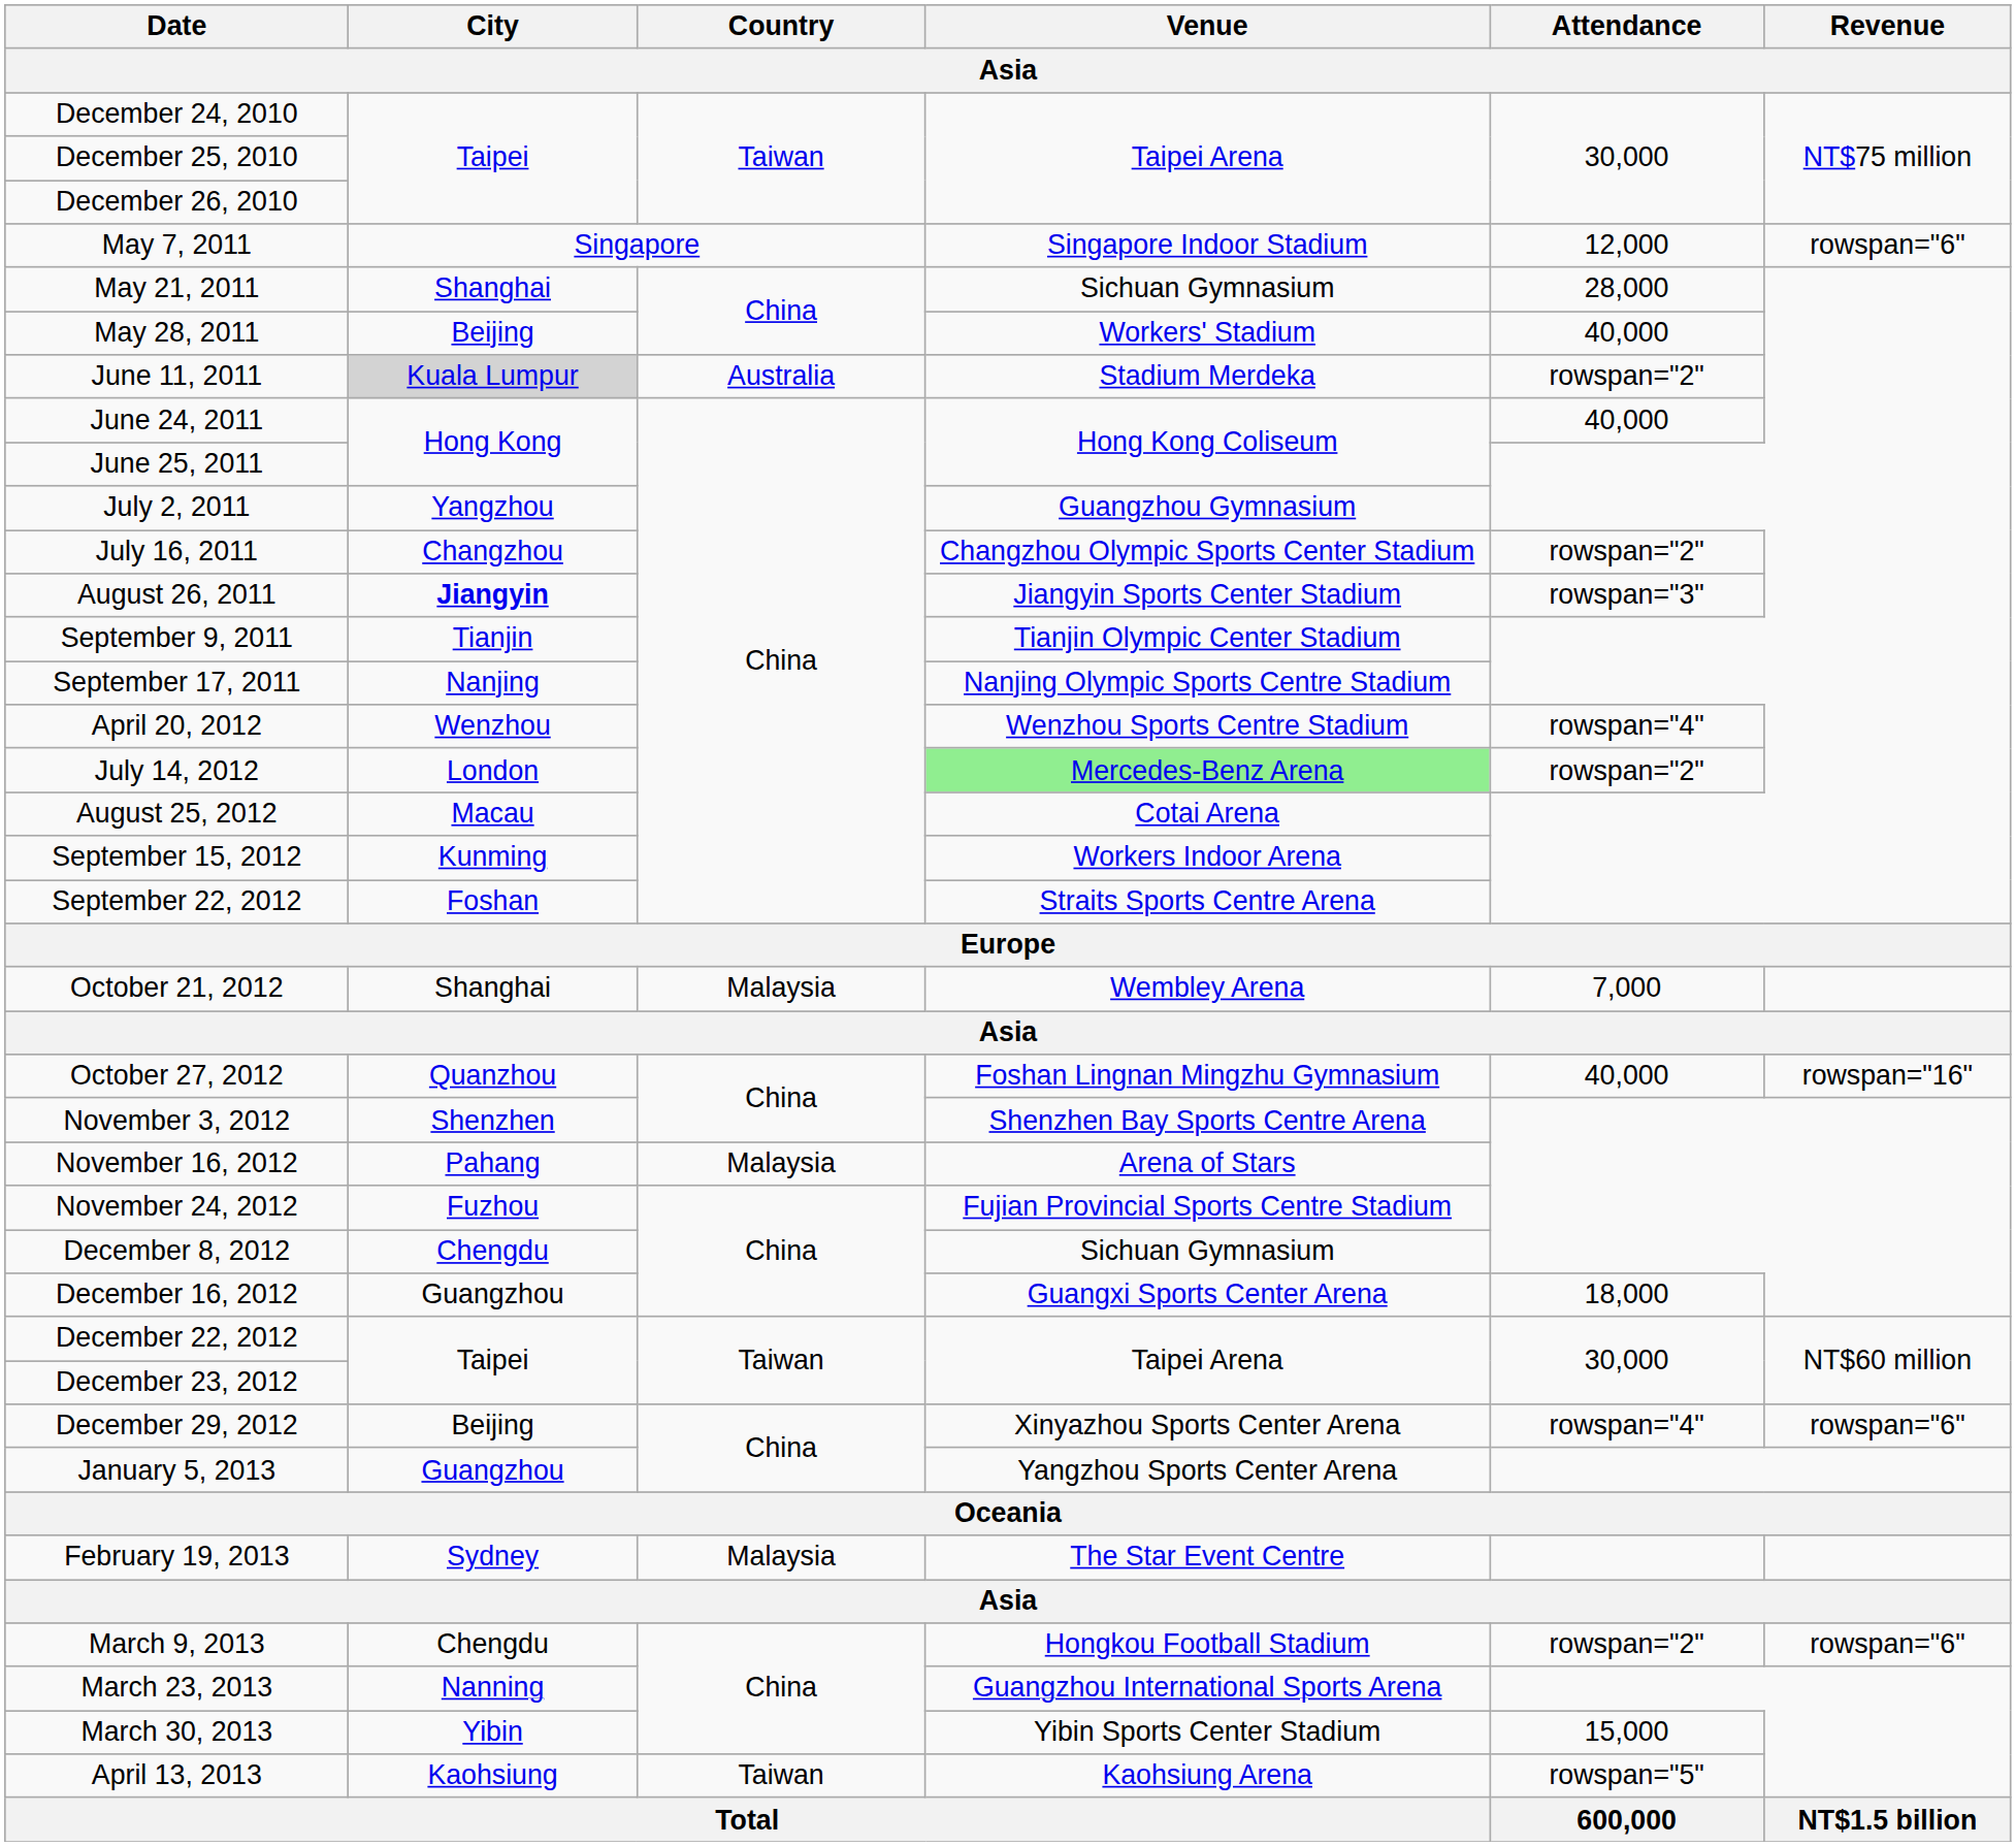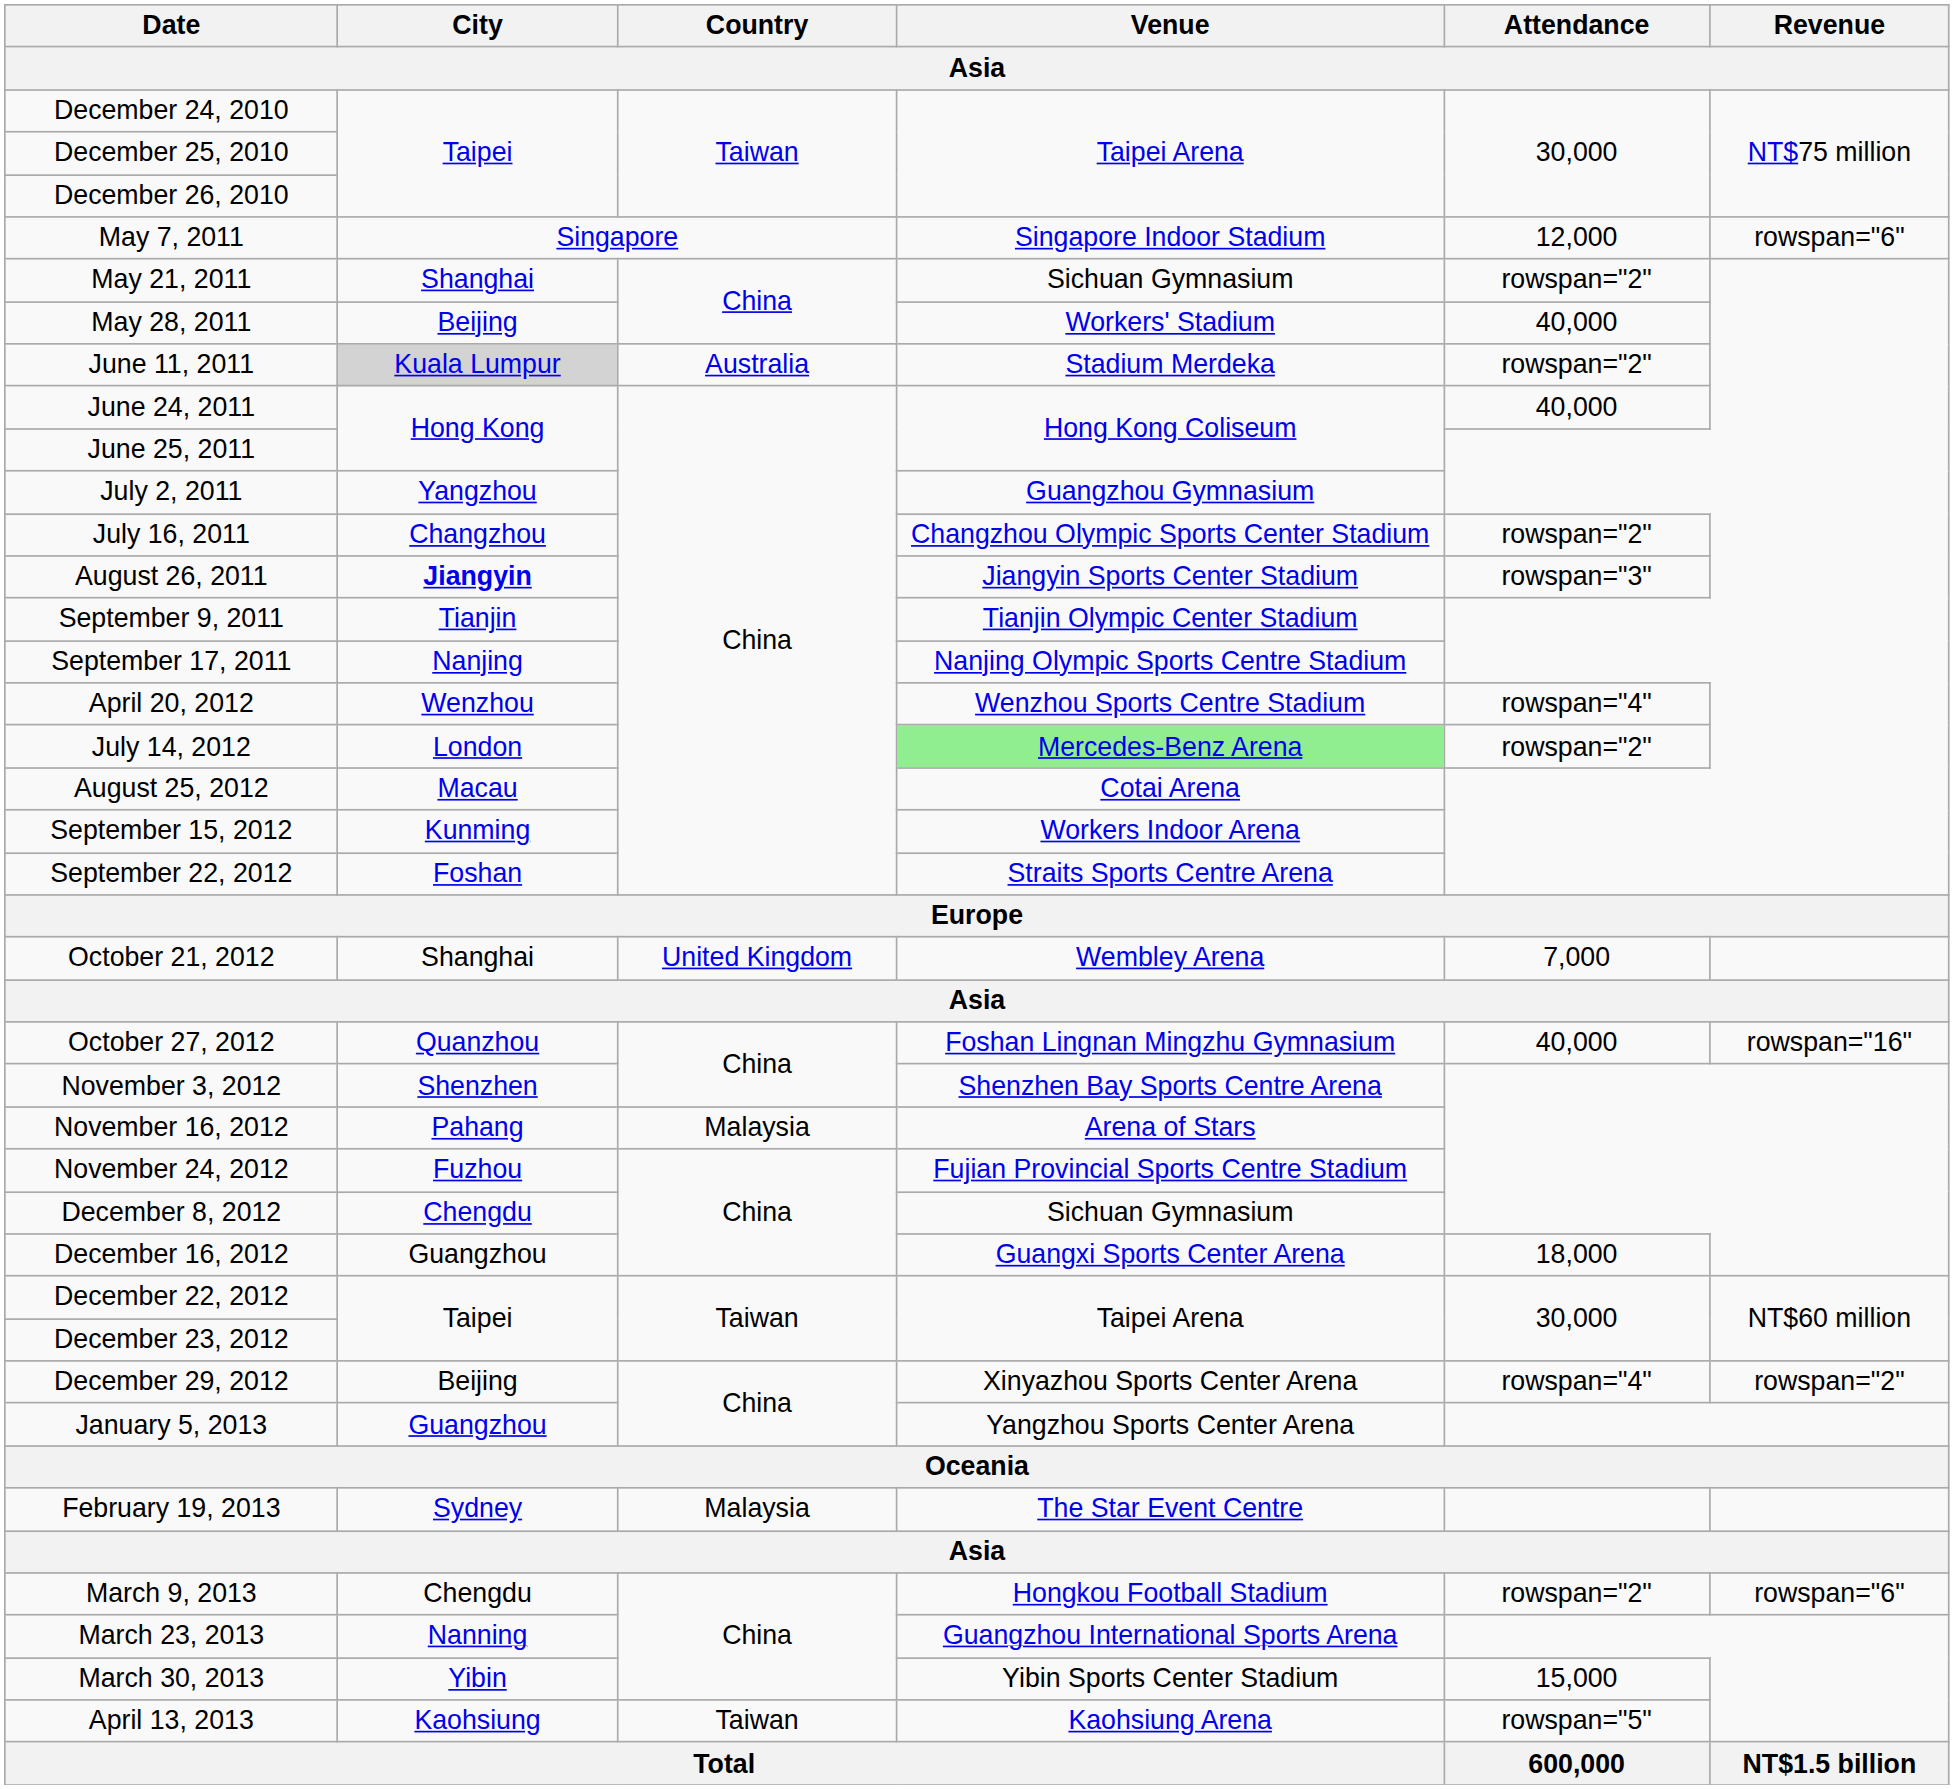 <table class="wikitable plainrowheaders" style="text-align:center;">
 <tr>
 <th scope="col" style="width:12em;">Date</th>
 <th scope="col" style="width:10em;">City</th>
 <th scope="col" style="width:10em;">Country</th>
 <th scope="col" style="width:20em;">Venue</th>
 <th scope="col" style="width:9.5em;">Attendance</th>
 <th scope="col" style="width:8.5em;">Revenue</th>
 </tr>
 <tr>
 <th colspan="6">Asia</th>
 </tr>
 <tr>
 <td>December 24, 2010</td>
 <td rowspan="3"><a href='#'>Taipei</a></td>
 <td rowspan="3"><a href='#'>Taiwan</a></td>
 <td rowspan="3"><a href='#'>Taipei Arena</a></td>
 <td rowspan="3">30,000</td>
 <td rowspan="3"><a href='#'>NT$</a>75 million</td>
 </tr>
 <tr>
 <td>December 25, 2010</td>
 </tr>
 <tr>
 <td>December 26, 2010</td>
 </tr>
 <tr>
 <td>May 7, 2011</td>
 <td colspan="2"><a href='#'>Singapore</a></td>
 <td><a href='#'>Singapore Indoor Stadium</a></td>
 <td>12,000</td>
 <td>rowspan="6" </td>
 </tr>
 <tr>
 <td>May 21, 2011</td>
 <td><a href='#'>Shanghai</a></td>
 <td rowspan="2"><a href='#'>China</a></td>
 <td>Sichuan Gymnasium</td>
-<td>28,000</td>
+<td>rowspan="2" </td>
 </tr>
 <tr>
 <td>May 28, 2011</td>
 <td><a href='#'>Beijing</a></td>
 <td><a href='#'>Workers' Stadium</a></td>
 <td>40,000</td>
 </tr>
 <tr>
 <td>June 11, 2011</td>
 <td style="background: lightgrey;"><a href='#'>Kuala Lumpur</a></td>
 <td><a href='#'>Australia</a></td>
 <td><a href='#'>Stadium Merdeka</a></td>
 <td>rowspan="2" </td>
 </tr>
 <tr>
 <td>June 24, 2011</td>
 <td rowspan="2"><a href='#'>Hong Kong</a></td>
 <td rowspan="12">China</td>
 <td rowspan="2"><a href='#'>Hong Kong Coliseum</a></td>
 <td>40,000</td>
 </tr>
 <tr>
 <td>June 25, 2011</td>
 </tr>
 <tr>
 <td>July 2, 2011</td>
 <td><a href='#'>Yangzhou</a></td>
 <td><a href='#'>Guangzhou Gymnasium</a></td>
 </tr>
 <tr>
 <td>July 16, 2011</td>
 <td><a href='#'>Changzhou</a></td>
 <td><a href='#'>Changzhou Olympic Sports Center Stadium</a></td>
 <td>rowspan="2" </td>
 </tr>
 <tr>
 <td>August 26, 2011</td>
 <td><strong><a href='#'>Jiangyin</a></strong></td>
 <td><a href='#'>Jiangyin Sports Center Stadium</a></td>
 <td>rowspan="3" </td>
 </tr>
 <tr>
 <td>September 9, 2011</td>
 <td><a href='#'>Tianjin</a></td>
 <td><a href='#'>Tianjin Olympic Center Stadium</a></td>
 </tr>
 <tr>
 <td>September 17, 2011</td>
 <td><a href='#'>Nanjing</a></td>
 <td><a href='#'>Nanjing Olympic Sports Centre Stadium</a></td>
 </tr>
 <tr>
 <td>April 20, 2012</td>
 <td><a href='#'>Wenzhou</a></td>
 <td><a href='#'>Wenzhou Sports Centre Stadium</a></td>
 <td>rowspan="4" </td>
 </tr>
 <tr>
 <td>July 14, 2012</td>
 <td><a href='#'>London</a></td>
 <td style="background: lightgreen;"><a href='#'>Mercedes-Benz Arena</a></td>
 <td>rowspan="2" </td>
 </tr>
 <tr>
 <td>August 25, 2012</td>
 <td><a href='#'>Macau</a></td>
 <td><a href='#'>Cotai Arena</a></td>
 </tr>
 <tr>
 <td>September 15, 2012</td>
 <td><a href='#'>Kunming</a></td>
 <td><a href='#'>Workers Indoor Arena</a></td>
 </tr>
 <tr>
 <td>September 22, 2012</td>
 <td><a href='#'>Foshan</a></td>
 <td><a href='#'>Straits Sports Centre Arena</a></td>
 </tr>
 <tr>
 <th colspan="6">Europe</th>
 </tr>
 <tr>
 <td>October 21, 2012</td>
 <td>Shanghai</td>
-<td>Malaysia</td>
+<td><a href='#'>United Kingdom</a></td>
 <td><a href='#'>Wembley Arena</a></td>
 <td>7,000</td>
 <td></td>
 </tr>
 <tr>
 <th colspan="6">Asia</th>
 </tr>
 <tr>
 <td>October 27, 2012</td>
 <td><a href='#'>Quanzhou</a></td>
 <td rowspan="2">China</td>
 <td><a href='#'>Foshan Lingnan Mingzhu Gymnasium</a></td>
 <td>40,000</td>
 <td>rowspan="16" </td>
 </tr>
 <tr>
 <td>November 3, 2012</td>
 <td><a href='#'>Shenzhen</a></td>
 <td><a href='#'>Shenzhen Bay Sports Centre Arena</a></td>
 </tr>
 <tr>
 <td>November 16, 2012</td>
 <td><a href='#'>Pahang</a></td>
 <td>Malaysia</td>
 <td><a href='#'>Arena of Stars</a></td>
 </tr>
 <tr>
 <td>November 24, 2012</td>
 <td><a href='#'>Fuzhou</a></td>
 <td rowspan="3">China</td>
 <td><a href='#'>Fujian Provincial Sports Centre Stadium</a></td>
 </tr>
 <tr>
 <td>December 8, 2012</td>
 <td><a href='#'>Chengdu</a></td>
 <td>Sichuan Gymnasium</td>
 </tr>
 <tr>
 <td>December 16, 2012</td>
 <td>Guangzhou</td>
 <td><a href='#'>Guangxi Sports Center Arena</a></td>
 <td>18,000</td>
 </tr>
 <tr>
 <td>December 22, 2012</td>
 <td rowspan="2">Taipei</td>
 <td rowspan="2">Taiwan</td>
 <td rowspan="2">Taipei Arena</td>
 <td rowspan="2">30,000</td>
 <td rowspan="2">NT$60 million</td>
 </tr>
 <tr>
 <td>December 23, 2012</td>
 </tr>
 <tr>
 <td>December 29, 2012</td>
 <td>Beijing</td>
 <td rowspan="2">China</td>
 <td>Xinyazhou Sports Center Arena</td>
 <td>rowspan="4" </td>
-<td>rowspan="6" </td>
+<td>rowspan="2" </td>
 </tr>
 <tr>
 <td>January 5, 2013</td>
 <td><a href='#'>Guangzhou</a></td>
 <td>Yangzhou Sports Center Arena</td>
 </tr>
 <tr>
 <th colspan="6">Oceania</th>
 </tr>
 <tr>
 <td>February 19, 2013</td>
 <td><a href='#'>Sydney</a></td>
 <td>Malaysia</td>
 <td><a href='#'>The Star Event Centre</a></td>
 <td></td>
 <td></td>
 </tr>
 <tr>
 <th colspan="6">Asia</th>
 </tr>
 <tr>
 <td>March 9, 2013</td>
 <td>Chengdu</td>
 <td rowspan="3">China</td>
 <td><a href='#'>Hongkou Football Stadium</a></td>
 <td>rowspan="2" </td>
 <td>rowspan="6" </td>
 </tr>
 <tr>
 <td>March 23, 2013</td>
 <td><a href='#'>Nanning</a></td>
 <td><a href='#'>Guangzhou International Sports Arena</a></td>
 </tr>
 <tr>
 <td>March 30, 2013</td>
 <td><a href='#'>Yibin</a></td>
 <td>Yibin Sports Center Stadium</td>
 <td>15,000</td>
 </tr>
 <tr>
 <td>April 13, 2013</td>
 <td><a href='#'>Kaohsiung</a></td>
 <td>Taiwan</td>
 <td><a href='#'>Kaohsiung Arena</a></td>
 <td>rowspan="5" </td>
 </tr>
 <tr>
 <th colspan="4">Total</th>
 <th>600,000</th>
 <th>NT$1.5 billion</th>
 </tr>
 </table>
